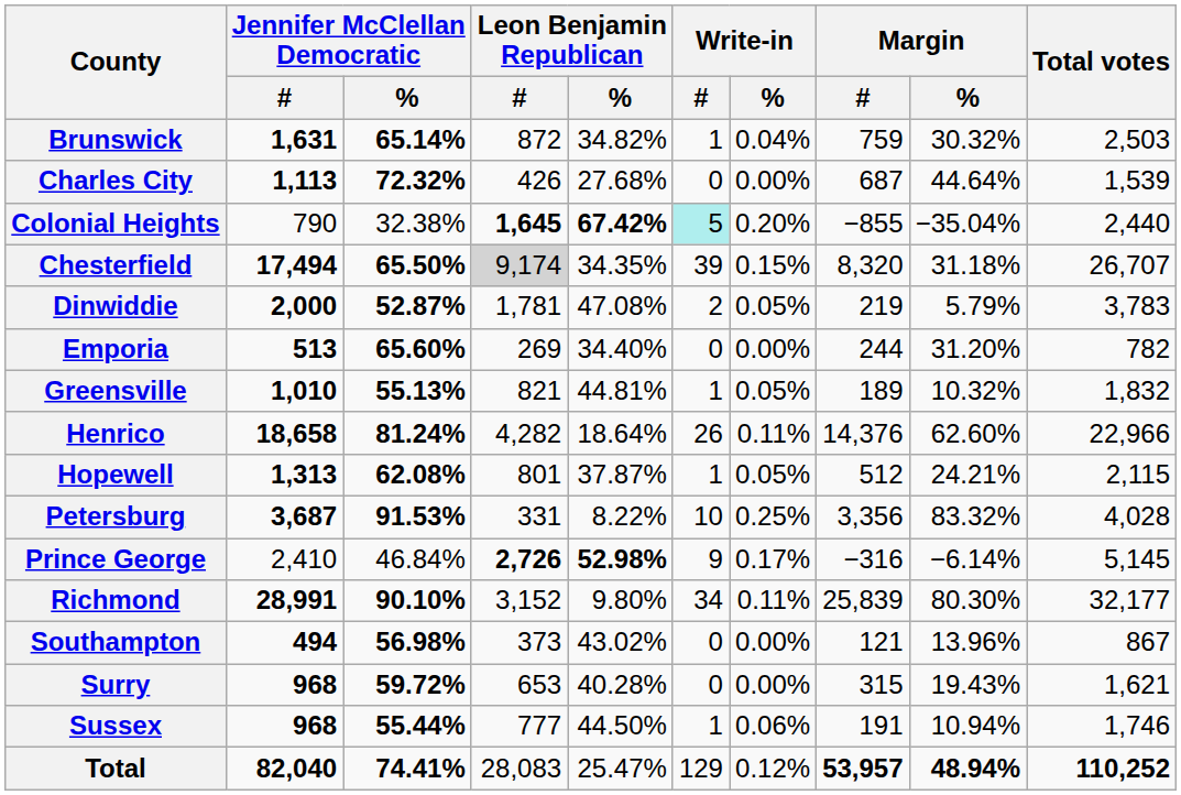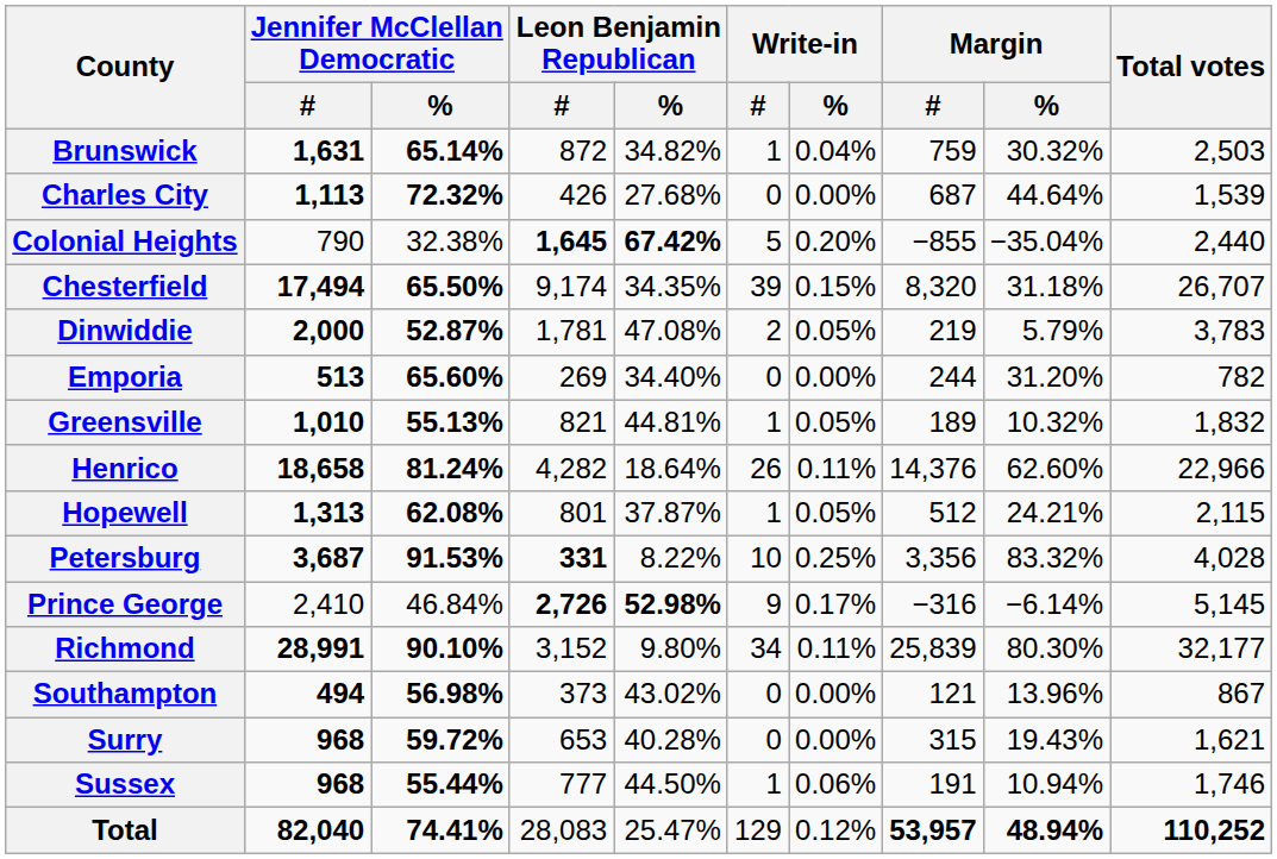 <table class="wikitable sortable" style="text-align:right">
 <tr>
 <th rowspan="2">County</th>
 <th colspan="2"><a href='#'>Jennifer McClellan</a><br><a href='#'>Democratic</a></th>
 <th colspan="2">Leon Benjamin<br><a href='#'>Republican</a></th>
 <th colspan="2">Write-in</th>
 <th colspan="2">Margin</th>
 <th rowspan="2">Total votes</th>
 </tr>
 <tr>
 <th data-sort-type="number">#</th>
 <th data-sort-type="number">%</th>
 <th data-sort-type="number">#</th>
 <th data-sort-type="number">%</th>
 <th data-sort-type="number">#</th>
 <th data-sort-type="number">%</th>
 <th data-sort-type="number">#</th>
 <th data-sort-type="number">%</th>
 </tr>
 <tr>
 <th><a href='#'>Brunswick</a></th>
 <td><strong>1,631</strong></td>
 <td><strong>65.14%</strong></td>
 <td>872</td>
 <td>34.82%</td>
 <td>1</td>
 <td>0.04%</td>
 <td>759</td>
 <td>30.32%</td>
 <td>2,503</td>
 </tr>
 <tr>
 <th><a href='#'>Charles City</a></th>
 <td><strong>1,113</strong></td>
 <td><strong>72.32%</strong></td>
 <td>426</td>
 <td>27.68%</td>
 <td>0</td>
 <td>0.00%</td>
 <td>687</td>
 <td>44.64%</td>
 <td>1,539</td>
 </tr>
 <tr>
 <th><a href='#'>Colonial Heights</a></th>
 <td>790</td>
 <td>32.38%</td>
 <td><strong>1,645</strong></td>
 <td><strong>67.42%</strong></td>
-<td style="background: paleturquoise;">5</td>
+<td>5</td>
 <td>0.20%</td>
 <td>−855</td>
 <td>−35.04%</td>
 <td>2,440</td>
 </tr>
 <tr>
 <th><a href='#'>Chesterfield</a></th>
 <td><strong>17,494</strong></td>
 <td><strong>65.50%</strong></td>
-<td style="background: lightgrey;">9,174</td>
+<td>9,174</td>
 <td>34.35%</td>
 <td>39</td>
 <td>0.15%</td>
 <td>8,320</td>
 <td>31.18%</td>
 <td>26,707</td>
 </tr>
 <tr>
 <th><a href='#'>Dinwiddie</a></th>
 <td><strong>2,000</strong></td>
 <td><strong>52.87%</strong></td>
 <td>1,781</td>
 <td>47.08%</td>
 <td>2</td>
 <td>0.05%</td>
 <td>219</td>
 <td>5.79%</td>
 <td>3,783</td>
 </tr>
 <tr>
 <th><a href='#'>Emporia</a></th>
 <td><strong>513</strong></td>
 <td><strong>65.60%</strong></td>
 <td>269</td>
 <td>34.40%</td>
 <td>0</td>
 <td>0.00%</td>
 <td>244</td>
 <td>31.20%</td>
 <td>782</td>
 </tr>
 <tr>
 <th><a href='#'>Greensville</a></th>
 <td><strong>1,010</strong></td>
 <td><strong>55.13%</strong></td>
 <td>821</td>
 <td>44.81%</td>
 <td>1</td>
 <td>0.05%</td>
 <td>189</td>
 <td>10.32%</td>
 <td>1,832</td>
 </tr>
 <tr>
 <th><a href='#'>Henrico</a></th>
 <td><strong>18,658</strong></td>
 <td><strong>81.24%</strong></td>
 <td>4,282</td>
 <td>18.64%</td>
 <td>26</td>
 <td>0.11%</td>
 <td>14,376</td>
 <td>62.60%</td>
 <td>22,966</td>
 </tr>
 <tr>
 <th><a href='#'>Hopewell</a></th>
 <td><strong>1,313</strong></td>
 <td><strong>62.08%</strong></td>
 <td>801</td>
 <td>37.87%</td>
 <td>1</td>
 <td>0.05%</td>
 <td>512</td>
 <td>24.21%</td>
 <td>2,115</td>
 </tr>
 <tr>
 <th><a href='#'>Petersburg</a></th>
 <td><strong>3,687</strong></td>
 <td><strong>91.53%</strong></td>
-<td>331</td>
+<td><strong>331</strong></td>
 <td>8.22%</td>
 <td>10</td>
 <td>0.25%</td>
 <td>3,356</td>
 <td>83.32%</td>
 <td>4,028</td>
 </tr>
 <tr>
 <th><a href='#'>Prince George</a></th>
 <td>2,410</td>
 <td>46.84%</td>
 <td><strong>2,726</strong></td>
 <td><strong>52.98%</strong></td>
 <td>9</td>
 <td>0.17%</td>
 <td>−316</td>
 <td>−6.14%</td>
 <td>5,145</td>
 </tr>
 <tr>
 <th><a href='#'>Richmond</a></th>
 <td><strong>28,991</strong></td>
 <td><strong>90.10%</strong></td>
 <td>3,152</td>
 <td>9.80%</td>
 <td>34</td>
 <td>0.11%</td>
 <td>25,839</td>
 <td>80.30%</td>
 <td>32,177</td>
 </tr>
 <tr>
 <th><a href='#'>Southampton</a></th>
 <td><strong>494</strong></td>
 <td><strong>56.98%</strong></td>
 <td>373</td>
 <td>43.02%</td>
 <td>0</td>
 <td>0.00%</td>
 <td>121</td>
 <td>13.96%</td>
 <td>867</td>
 </tr>
 <tr>
 <th><a href='#'>Surry</a></th>
 <td><strong>968</strong></td>
 <td><strong>59.72%</strong></td>
 <td>653</td>
 <td>40.28%</td>
 <td>0</td>
 <td>0.00%</td>
 <td>315</td>
 <td>19.43%</td>
 <td>1,621</td>
 </tr>
 <tr>
 <th><a href='#'>Sussex</a></th>
 <td><strong>968</strong></td>
 <td><strong>55.44%</strong></td>
 <td>777</td>
 <td>44.50%</td>
 <td>1</td>
 <td>0.06%</td>
 <td>191</td>
 <td>10.94%</td>
 <td>1,746</td>
 </tr>
 <tr>
 <th>Total</th>
 <td><strong>82,040</strong></td>
 <td><strong>74.41%</strong></td>
 <td>28,083</td>
 <td>25.47%</td>
 <td>129</td>
 <td>0.12%</td>
 <td><strong>53,957</strong></td>
 <td><strong>48.94%</strong></td>
 <td><strong>110,252</strong></td>
 </tr>
 </table>
